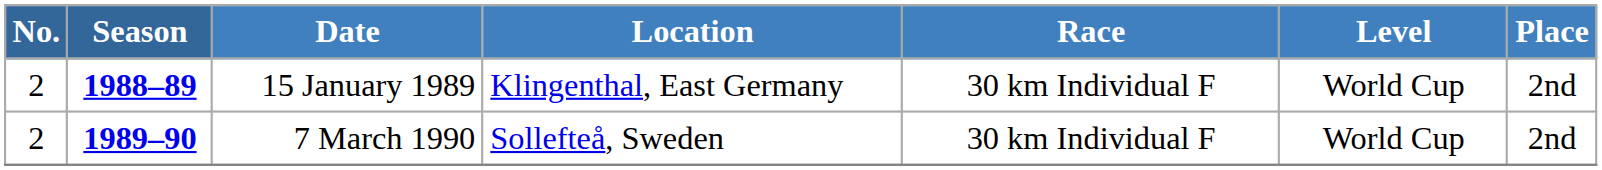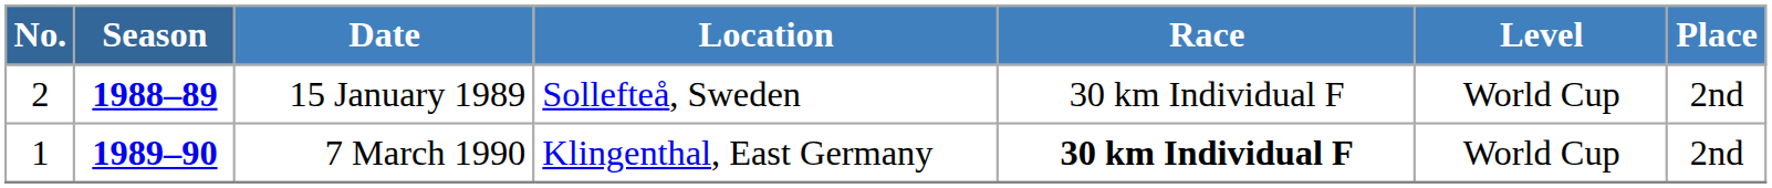 <table class="wikitable sortable" style="font-size:95%; text-align:center; border:grey solid 1px; border-collapse:collapse; background:#ffffff;">
 <tr style="background:#efefef;">
 <th style="background-color:#369; color:white;">No.</th>
 <th style="background-color:#369; color:white;">Season</th>
 <th style="background-color:#4180be; color:white; width:120px;">Date</th>
 <th style="background-color:#4180be; color:white; width:190px;">Location</th>
 <th style="background-color:#4180be; color:white; width:170px;">Race</th>
 <th style="background-color:#4180be; color:white; width:100px;">Level</th>
 <th style="background-color:#4180be; color:white;">Place</th>
 </tr>
 <tr>
 <td align=center>2</td>
 <td rowspan=1 align=center><strong> <a href='#'>1988–89</a> </strong></td>
 <td align=right>15 January 1989</td>
-<td align=left> <a href='#'>Klingenthal</a>, East Germany</td>
-<td>30 km Individual F</td>
-<td>World Cup</td>
-<td>2nd</td>
-</tr>
-<tr>
-<td align=center>2</td>
-<td rowspan=1 align=center><strong> <a href='#'>1989–90</a> </strong></td>
-<td align=right>7 March 1990</td>
 <td align=left> <a href='#'>Sollefteå</a>, Sweden</td>
 <td>30 km Individual F</td>
 <td>World Cup</td>
 <td>2nd</td>
 </tr>
 <tr>
+<td align=center>1</td>
+<td rowspan=1 align=center><strong> <a href='#'>1989–90</a> </strong></td>
+<td align=right>7 March 1990</td>
+<td align=left> <a href='#'>Klingenthal</a>, East Germany</td>
+<td><strong>30 km Individual F</strong></td>
+<td>World Cup</td>
+<td>2nd</td>
+</tr>
+<tr>
 </tr>
 </table>
